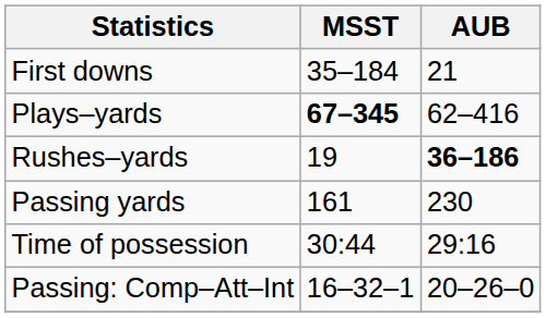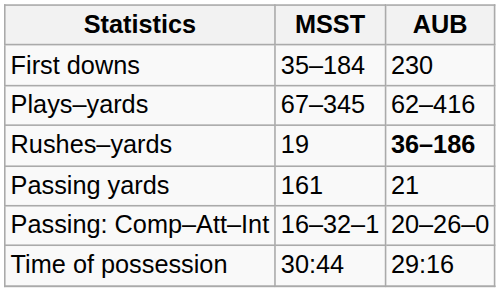 <table class="wikitable" style="float: left;">
 <tr>
 <th>Statistics</th>
 <th>MSST</th>
 <th>AUB</th>
 </tr>
 <tr>
 <td>First downs</td>
 <td>35–184</td>
-<td>21</td>
+<td>230</td>
 </tr>
 <tr>
 <td>Plays–yards</td>
-<td><strong>67–345</strong></td>
+<td>67–345</td>
 <td>62–416</td>
 </tr>
 <tr>
 <td>Rushes–yards</td>
 <td>19</td>
 <td><strong>36–186</strong></td>
 </tr>
 <tr>
 <td>Passing yards</td>
 <td>161</td>
-<td>230</td>
+<td>21</td>
+</tr>
+<tr>
+<td>Passing: Comp–Att–Int</td>
+<td>16–32–1</td>
+<td>20–26–0</td>
 </tr>
 <tr>
 <td>Time of possession</td>
 <td>30:44</td>
 <td>29:16</td>
 </tr>
 <tr>
-<td>Passing: Comp–Att–Int</td>
-<td>16–32–1</td>
-<td>20–26–0</td>
-</tr>
-<tr>
 </tr>
 </table>
